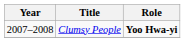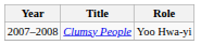 <table class="wikitable">
 <tr>
 <th>Year</th>
 <th>Title</th>
 <th>Role</th>
 </tr>
 <tr>
 <td>2007–2008</td>
 <td><em><a href='#'>Clumsy People</a></em></td>
-<td><strong>Yoo Hwa-yi</strong></td>
+<td>Yoo Hwa-yi</td>
 </tr>
 <tr>
 </tr>
 </table>
